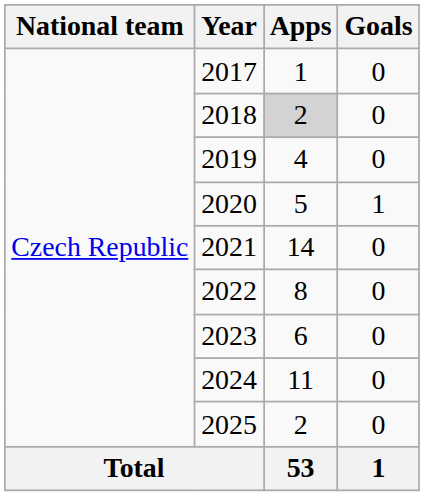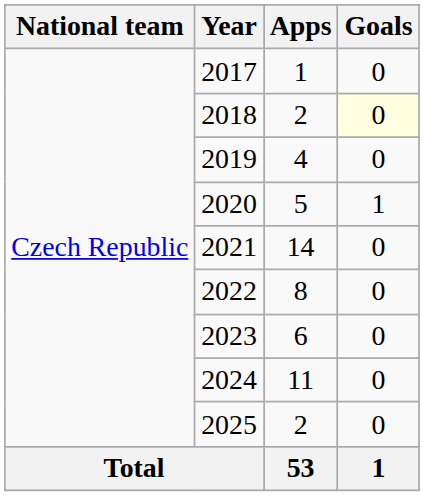 <table class="wikitable" style="text-align:center">
 <tr>
 <th>National team</th>
 <th>Year</th>
 <th>Apps</th>
 <th>Goals</th>
 </tr>
 <tr>
 <td rowspan="9"><a href='#'>Czech Republic</a></td>
 <td>2017</td>
 <td>1</td>
 <td>0</td>
 </tr>
 <tr>
 <td>2018</td>
-<td style="background: lightgrey;">2</td>
-<td>0</td>
+<td>2</td>
+<td style="background: lightyellow;">0</td>
 </tr>
 <tr>
 <td>2019</td>
 <td>4</td>
 <td>0</td>
 </tr>
 <tr>
 <td>2020</td>
 <td>5</td>
 <td>1</td>
 </tr>
 <tr>
 <td>2021</td>
 <td>14</td>
 <td>0</td>
 </tr>
 <tr>
 <td>2022</td>
 <td>8</td>
 <td>0</td>
 </tr>
 <tr>
 <td>2023</td>
 <td>6</td>
 <td>0</td>
 </tr>
 <tr>
 <td>2024</td>
 <td>11</td>
 <td>0</td>
 </tr>
 <tr>
 <td>2025</td>
 <td>2</td>
 <td>0</td>
 </tr>
 <tr>
 <th colspan="2">Total</th>
 <th>53</th>
 <th>1</th>
 </tr>
 </table>
